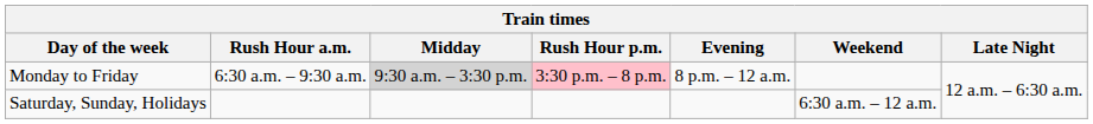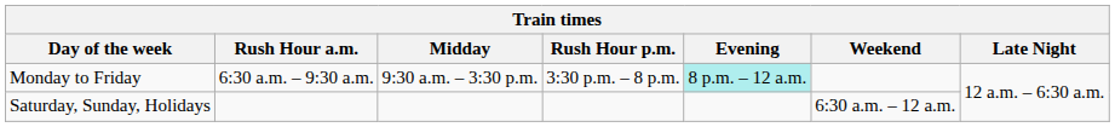 <table class="wikitable">
 <tr>
 <th colspan="7">Train times</th>
 </tr>
 <tr>
 <th>Day of the week</th>
 <th>Rush Hour a.m.</th>
 <th>Midday</th>
 <th>Rush Hour p.m.</th>
 <th>Evening</th>
 <th>Weekend</th>
 <th>Late Night</th>
 </tr>
 <tr>
 <td>Monday to Friday</td>
 <td>6:30 a.m. – 9:30 a.m.</td>
-<td style="background: lightgrey;">9:30 a.m. – 3:30 p.m.</td>
-<td style="background: pink;">3:30 p.m. – 8 p.m.</td>
-<td>8 p.m. – 12 a.m.</td>
+<td>9:30 a.m. – 3:30 p.m.</td>
+<td>3:30 p.m. – 8 p.m.</td>
+<td style="background: paleturquoise;">8 p.m. – 12 a.m.</td>
 <td></td>
 <td rowspan="2">12 a.m. – 6:30 a.m.</td>
 </tr>
 <tr>
 <td>Saturday, Sunday, Holidays</td>
 <td></td>
 <td></td>
 <td></td>
 <td></td>
 <td>6:30 a.m. – 12 a.m.</td>
 </tr>
 </table>
